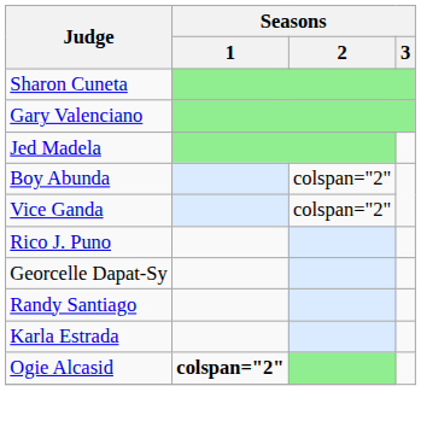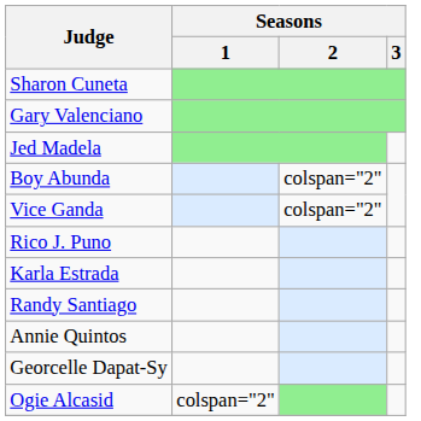 <table class="wikitable">
 <tr>
 <th rowspan="2">Judge</th>
 <th colspan="3">Seasons</th>
 </tr>
 <tr>
 <th>1</th>
 <th>2</th>
 <th>3</th>
 </tr>
 <tr>
 <td><a href='#'>Sharon Cuneta</a></td>
 <td colspan="3" bgcolor="#90ee90"></td>
 </tr>
 <tr>
 <td><a href='#'>Gary Valenciano</a></td>
 <td colspan="3" bgcolor="#90ee90"></td>
 </tr>
 <tr>
 <td><a href='#'>Jed Madela</a></td>
 <td colspan="2" bgcolor="#90ee90"></td>
 <td></td>
 </tr>
 <tr>
 <td><a href='#'>Boy Abunda</a></td>
 <td bgcolor="#DAEBFF"></td>
 <td>colspan="2" </td>
 </tr>
 <tr>
 <td><a href='#'>Vice Ganda</a></td>
 <td bgcolor="#DAEBFF"></td>
 <td>colspan="2" </td>
 </tr>
 <tr>
 <td><a href='#'>Rico J. Puno</a></td>
 <td></td>
 <td bgcolor="#DAEBFF"></td>
 <td></td>
 </tr>
 <tr>
-<td>Georcelle Dapat-Sy</td>
+<td><a href='#'>Karla Estrada</a></td>
 <td></td>
 <td bgcolor="#DAEBFF"></td>
 <td></td>
 </tr>
 <tr>
 <td><a href='#'>Randy Santiago</a></td>
 <td></td>
 <td bgcolor="#DAEBFF"></td>
 <td></td>
 </tr>
 <tr>
-<td><a href='#'>Karla Estrada</a></td>
+<td>Annie Quintos</td>
+<td></td>
+<td bgcolor="#DAEBFF"></td>
+<td></td>
+</tr>
+<tr>
+<td>Georcelle Dapat-Sy</td>
 <td></td>
 <td bgcolor="#DAEBFF"></td>
 <td></td>
 </tr>
 <tr>
 <td><a href='#'>Ogie Alcasid</a></td>
-<td><strong>colspan="2" </strong></td>
+<td>colspan="2" </td>
 <td bgcolor="#90ee90"></td>
 </tr>
 <tr>
 </tr>
 </table>
